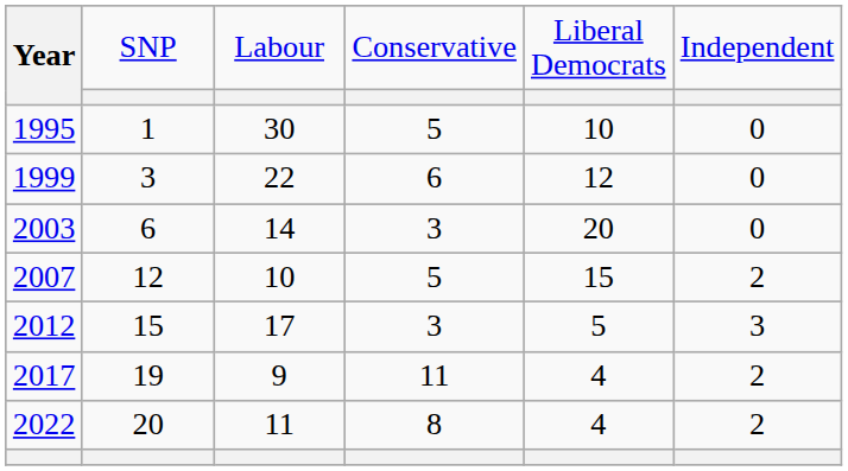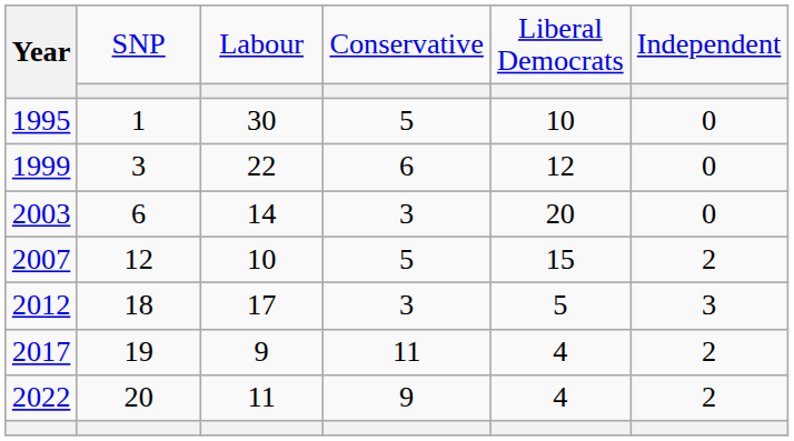 <table class=wikitable style=text-align:center>
 <tr>
 <th rowspan=2>Year</th>
 <td width="60"><a href='#'>SNP</a></td>
 <td width="60"><a href='#'>Labour</a></td>
 <td width="60"><a href='#'>Conservative</a></td>
 <td width="60"><a href='#'>Liberal Democrats</a></td>
 <td width="60"><a href='#'>Independent</a></td>
 </tr>
 <tr>
 <th style="background-color: "></th>
 <th style="background-color: "></th>
 <th style="background-color: "></th>
 <th style="background-color: "></th>
 <th style="background-color: "></th>
 </tr>
 <tr>
 <td><a href='#'>1995</a></td>
 <td>1</td>
 <td>30</td>
 <td>5</td>
 <td>10</td>
 <td>0</td>
 </tr>
 <tr>
 <td><a href='#'>1999</a></td>
 <td>3</td>
 <td>22</td>
 <td>6</td>
 <td>12</td>
 <td>0</td>
 </tr>
 <tr>
 <td><a href='#'>2003</a></td>
 <td>6</td>
 <td>14</td>
 <td>3</td>
 <td>20</td>
 <td>0</td>
 </tr>
 <tr>
 <td><a href='#'>2007</a></td>
 <td>12</td>
 <td>10</td>
 <td>5</td>
 <td>15</td>
 <td>2</td>
 </tr>
 <tr>
 <td><a href='#'>2012</a></td>
-<td>15</td>
+<td>18</td>
 <td>17</td>
 <td>3</td>
 <td>5</td>
 <td>3</td>
 </tr>
 <tr>
 <td><a href='#'>2017</a></td>
 <td>19</td>
 <td>9</td>
 <td>11</td>
 <td>4</td>
 <td>2</td>
 </tr>
 <tr>
 <td><a href='#'>2022</a></td>
 <td>20</td>
 <td>11</td>
-<td>8</td>
+<td>9</td>
 <td>4</td>
 <td>2</td>
 </tr>
 <tr>
 <th></th>
 <th style="background-color: "></th>
 <th style="background-color: "></th>
 <th style="background-color: "></th>
 <th style="background-color: "></th>
 <th style="background-color: "></th>
 </tr>
 </table>
